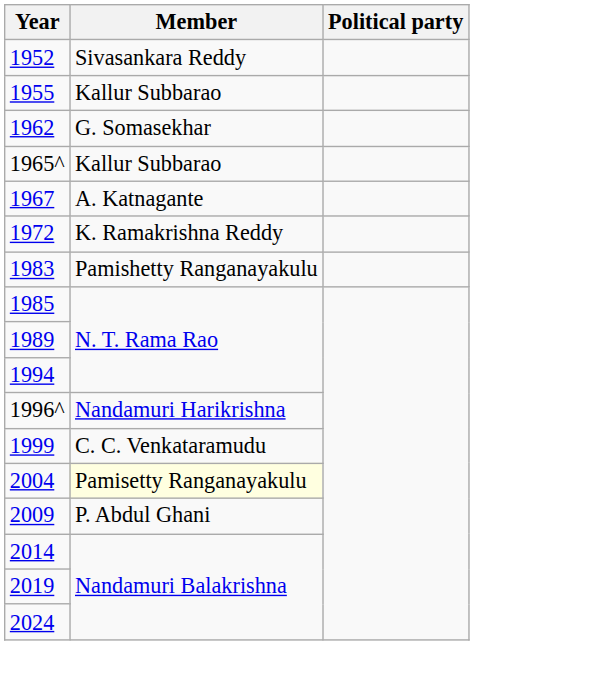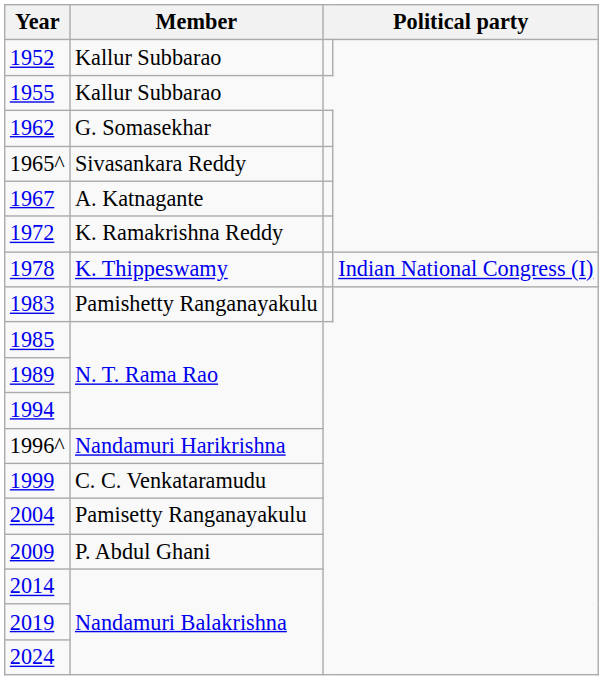 <table class="wikitable sortable">
 <tr>
 <th>Year</th>
 <th>Member</th>
 <th colspan=2>Political party</th>
 </tr>
 <tr>
 <td><a href='#'>1952</a></td>
-<td>Sivasankara Reddy</td>
+<td>Kallur Subbarao</td>
 <td></td>
 </tr>
 <tr>
 <td><a href='#'>1955</a></td>
 <td>Kallur Subbarao</td>
 </tr>
 <tr>
 <td><a href='#'>1962</a></td>
 <td>G. Somasekhar</td>
 <td></td>
 </tr>
 <tr>
 <td>1965^</td>
-<td>Kallur Subbarao</td>
+<td>Sivasankara Reddy</td>
 <td></td>
 </tr>
 <tr>
 <td><a href='#'>1967</a></td>
 <td>A. Katnagante</td>
 <td></td>
 </tr>
 <tr>
 <td><a href='#'>1972</a></td>
 <td>K. Ramakrishna Reddy</td>
 <td></td>
+</tr>
+<tr>
+<td><a href='#'>1978</a></td>
+<td><a href='#'>K. Thippeswamy</a></td>
+<td style="background-color: "></td>
+<td><a href='#'>Indian National Congress (I)</a></td>
 </tr>
 <tr>
 <td><a href='#'>1983</a></td>
 <td>Pamishetty Ranganayakulu</td>
 <td></td>
 </tr>
 <tr>
 <td><a href='#'>1985</a></td>
 <td rowspan="3"><a href='#'>N. T. Rama Rao</a></td>
 </tr>
 <tr>
 <td><a href='#'>1989</a></td>
 </tr>
 <tr>
 <td><a href='#'>1994</a></td>
 </tr>
 <tr>
 <td>1996^</td>
 <td><a href='#'>Nandamuri Harikrishna</a></td>
 </tr>
 <tr>
 <td><a href='#'>1999</a></td>
 <td>C. C. Venkataramudu</td>
 </tr>
 <tr>
 <td><a href='#'>2004</a></td>
-<td style="background: lightyellow;">Pamisetty Ranganayakulu</td>
+<td>Pamisetty Ranganayakulu</td>
 </tr>
 <tr>
 <td><a href='#'>2009</a></td>
 <td>P. Abdul Ghani</td>
 </tr>
 <tr>
 <td><a href='#'>2014</a></td>
 <td rowspan="3"><a href='#'>Nandamuri Balakrishna</a></td>
 </tr>
 <tr>
 <td><a href='#'>2019</a></td>
 </tr>
 <tr>
 <td><a href='#'>2024</a></td>
 </tr>
 </table>
